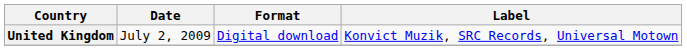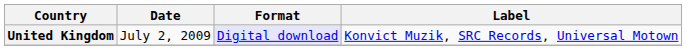 <table class="wikitable plainrowheaders">
 <tr>
 <th scope="col">Country</th>
 <th scope="col">Date</th>
 <th scope="col">Format</th>
 <th scope="col">Label</th>
 </tr>
 <tr>
 <th scope="row">United Kingdom</th>
 <td>July 2, 2009</td>
-<td><a href='#'>Digital download</a></td>
+<td style="background: lavender;"><a href='#'>Digital download</a></td>
 <td><a href='#'>Konvict Muzik</a>, <a href='#'>SRC Records</a>, <a href='#'>Universal Motown</a></td>
 </tr>
 <tr>
 </tr>
 </table>
